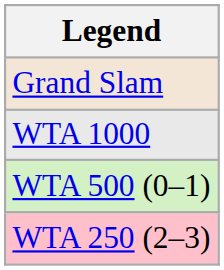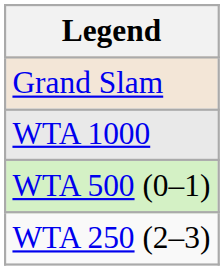 <table class="wikitable" style="font-size:90%;">
 <tr>
 <th>Legend</th>
 </tr>
 <tr>
 <td bgcolor="f3e6d7"><a href='#'>Grand Slam</a></td>
 </tr>
 <tr>
 <td bgcolor="e9e9e9"><a href='#'>WTA 1000</a></td>
 </tr>
 <tr>
 <td bgcolor="d4f1c5"><a href='#'>WTA 500</a> (0–1)</td>
 </tr>
 <tr>
-<td style="background: pink;"><a href='#'>WTA 250</a> (2–3)</td>
+<td><a href='#'>WTA 250</a> (2–3)</td>
 </tr>
 </table>
